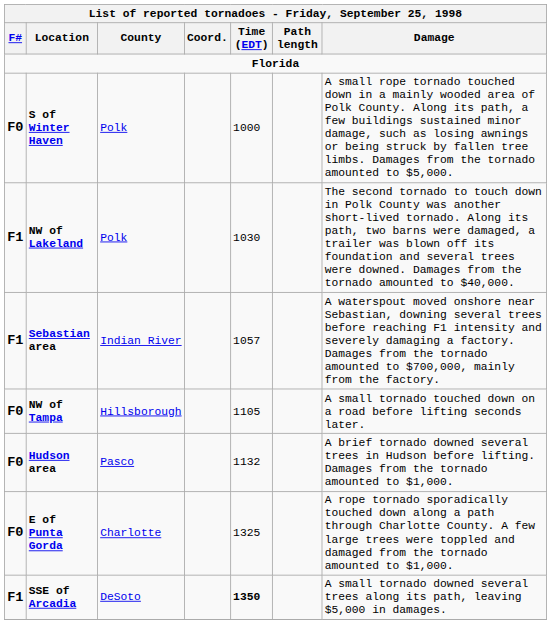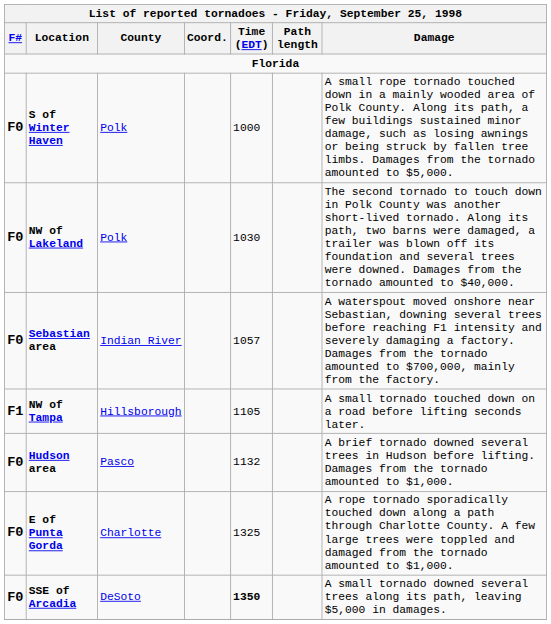 <table class="wikitable collapsible" width="100%">
 <tr>
 <th colspan="7">List of reported tornadoes - Friday, September 25, 1998</th>
 </tr>
 <tr>
 <th><a href='#'>F#</a></th>
 <th>Location</th>
 <th>County</th>
 <th>Coord.</th>
 <th>Time (<a href='#'>EDT</a>)</th>
 <th>Path length</th>
 <th>Damage</th>
 </tr>
 <tr>
 <td colspan="7" align=center><strong>Florida</strong></td>
 </tr>
 <tr>
 <td><big><strong>F0</strong></big></td>
 <td><strong>S of <a href='#'>Winter Haven</a></strong></td>
 <td><a href='#'>Polk</a></td>
 <td></td>
 <td>1000</td>
 <td></td>
 <td>A small rope tornado touched down in a mainly wooded area of Polk County. Along its  path, a few buildings sustained minor damage, such as losing awnings or being struck by fallen tree limbs. Damages from the tornado amounted to $5,000.</td>
 </tr>
 <tr>
-<td><big><strong>F1</strong></big></td>
+<td><big><strong>F0</strong></big></td>
 <td><strong>NW of <a href='#'>Lakeland</a></strong></td>
 <td><a href='#'>Polk</a></td>
 <td></td>
 <td>1030</td>
 <td></td>
 <td>The second tornado to touch down in Polk County was another short-lived tornado. Along its path, two barns were damaged, a trailer was blown off its foundation and several trees were downed. Damages from the tornado amounted to $40,000.</td>
 </tr>
 <tr>
-<td><big><strong>F1</strong></big></td>
+<td><big><strong>F0</strong></big></td>
 <td><strong><a href='#'>Sebastian</a> area</strong></td>
 <td><a href='#'>Indian River</a></td>
 <td></td>
 <td>1057</td>
 <td></td>
 <td>A waterspout moved onshore near Sebastian, downing several trees before reaching F1 intensity and severely damaging a factory. Damages from the tornado amounted to $700,000, mainly from the factory.</td>
 </tr>
 <tr>
-<td><big><strong>F0</strong></big></td>
+<td><big><strong>F1</strong></big></td>
 <td><strong>NW of <a href='#'>Tampa</a></strong></td>
 <td><a href='#'>Hillsborough</a></td>
 <td></td>
 <td>1105</td>
 <td></td>
 <td>A small tornado touched down on a road before lifting seconds later.</td>
 </tr>
 <tr>
 <td><big><strong>F0</strong></big></td>
 <td><strong><a href='#'>Hudson</a> area</strong></td>
 <td><a href='#'>Pasco</a></td>
 <td></td>
 <td>1132</td>
 <td></td>
 <td>A brief tornado downed several trees in Hudson before lifting. Damages from the tornado amounted to $1,000.</td>
 </tr>
 <tr>
 <td><big><strong>F0</strong></big></td>
 <td><strong>E of <a href='#'>Punta Gorda</a></strong></td>
 <td><a href='#'>Charlotte</a></td>
 <td></td>
 <td>1325</td>
 <td></td>
 <td>A rope tornado sporadically touched down along a  path through Charlotte County. A few large trees were toppled and damaged from the tornado amounted to $1,000.</td>
 </tr>
 <tr>
-<td><big><strong>F1</strong></big></td>
+<td><big><strong>F0</strong></big></td>
 <td><strong>SSE of <a href='#'>Arcadia</a></strong></td>
 <td><a href='#'>DeSoto</a></td>
 <td></td>
 <td><strong>1350</strong></td>
 <td></td>
 <td>A small tornado downed several trees along its  path, leaving $5,000 in damages.</td>
 </tr>
 <tr>
 </tr>
 </table>
